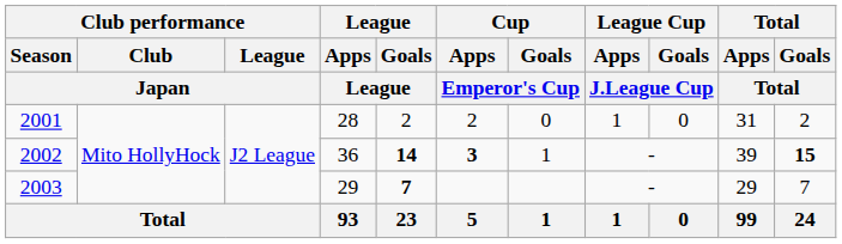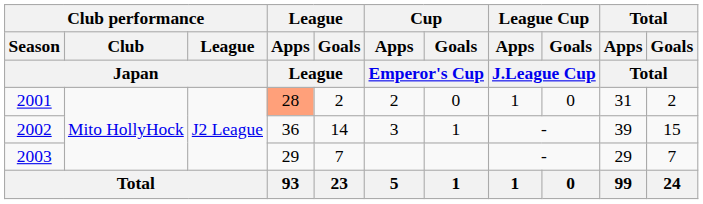 <table class="wikitable" style="text-align:center;">
 <tr>
 <th colspan=3>Club performance</th>
 <th colspan=2>League</th>
 <th colspan=2>Cup</th>
 <th colspan=2>League Cup</th>
 <th colspan=2>Total</th>
 </tr>
 <tr>
 <th>Season</th>
 <th>Club</th>
 <th>League</th>
 <th>Apps</th>
 <th>Goals</th>
 <th>Apps</th>
 <th>Goals</th>
 <th>Apps</th>
 <th>Goals</th>
 <th>Apps</th>
 <th>Goals</th>
 </tr>
 <tr>
 <th colspan=3>Japan</th>
 <th colspan=2>League</th>
 <th colspan=2><a href='#'>Emperor's Cup</a></th>
 <th colspan=2><a href='#'>J.League Cup</a></th>
 <th colspan=2>Total</th>
 </tr>
 <tr>
 <td><a href='#'>2001</a></td>
 <td rowspan="3"><a href='#'>Mito HollyHock</a></td>
 <td rowspan="3"><a href='#'>J2 League</a></td>
-<td>28</td>
+<td style="background: lightsalmon;">28</td>
 <td>2</td>
 <td>2</td>
 <td>0</td>
 <td>1</td>
 <td>0</td>
 <td>31</td>
 <td>2</td>
 </tr>
 <tr>
 <td><a href='#'>2002</a></td>
 <td>36</td>
-<td><strong>14</strong></td>
-<td><strong>3</strong></td>
+<td>14</td>
+<td>3</td>
 <td>1</td>
 <td colspan="2">-</td>
 <td>39</td>
-<td><strong>15</strong></td>
+<td>15</td>
 </tr>
 <tr>
 <td><a href='#'>2003</a></td>
 <td>29</td>
-<td><strong>7</strong></td>
+<td>7</td>
 <td></td>
 <td></td>
 <td colspan="2">-</td>
 <td>29</td>
 <td>7</td>
 </tr>
 <tr>
 <th colspan=3>Total</th>
 <th>93</th>
 <th>23</th>
 <th>5</th>
 <th>1</th>
 <th>1</th>
 <th>0</th>
 <th>99</th>
 <th>24</th>
 </tr>
 </table>
